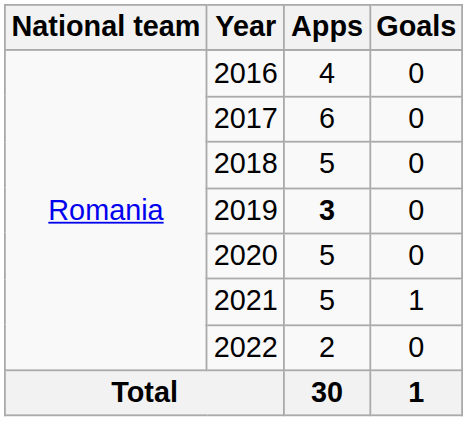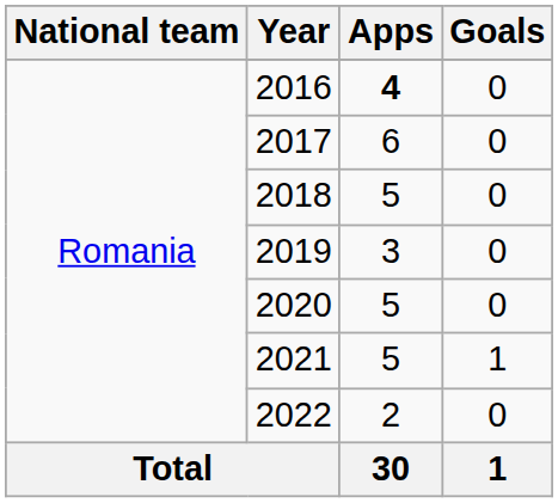 <table class="wikitable" style="text-align:center">
 <tr>
 <th>National team</th>
 <th>Year</th>
 <th>Apps</th>
 <th>Goals</th>
 </tr>
 <tr>
 <td rowspan="8"><a href='#'>Romania</a></td>
 </tr>
 <tr>
 <td>2016</td>
-<td>4</td>
+<td><strong>4</strong></td>
 <td>0</td>
 </tr>
 <tr>
 <td>2017</td>
 <td>6</td>
 <td>0</td>
 </tr>
 <tr>
 <td>2018</td>
 <td>5</td>
 <td>0</td>
 </tr>
 <tr>
 <td>2019</td>
-<td><strong>3</strong></td>
+<td>3</td>
 <td>0</td>
 </tr>
 <tr>
 <td>2020</td>
 <td>5</td>
 <td>0</td>
 </tr>
 <tr>
 <td>2021</td>
 <td>5</td>
 <td>1</td>
 </tr>
 <tr>
 <td>2022</td>
 <td>2</td>
 <td>0</td>
 </tr>
 <tr>
 <th colspan=2>Total</th>
 <th>30</th>
 <th>1</th>
 </tr>
 </table>
